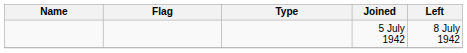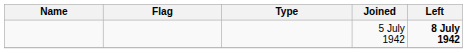 <table class="wikitable sortable">
 <tr>
 <th scope="col" width="150px">Name</th>
 <th scope="col" width="180px">Flag</th>
 <th width="200px">Type</th>
 <th width="80px">Joined</th>
 <th width="80px">Left</th>
 </tr>
 <tr>
 <td align="left"></td>
 <td align="left"></td>
 <td align="left"></td>
 <td align="right">5 July 1942</td>
-<td align="right">8 July 1942</td>
+<td align="right"><strong>8 July 1942</strong></td>
 </tr>
 <tr>
 </tr>
 </table>
